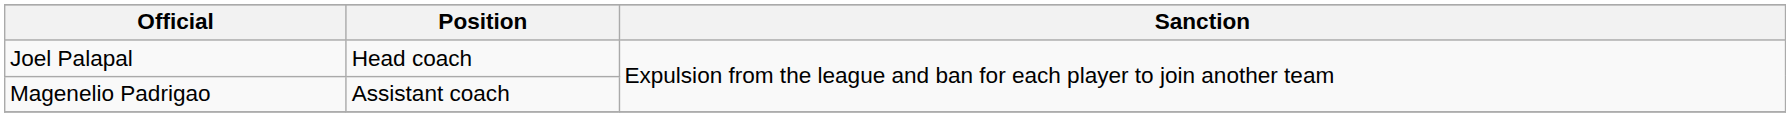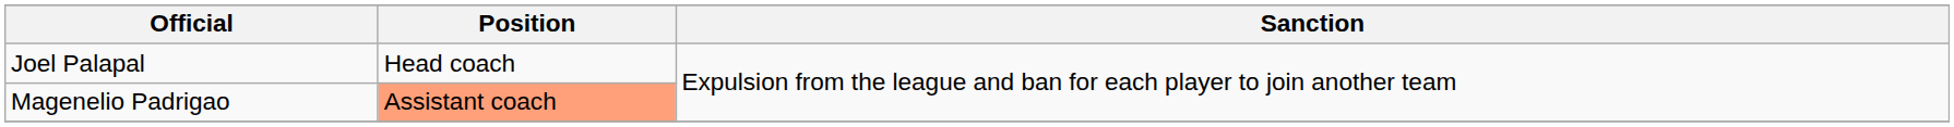 <table class="wikitable sortable" width=100%>
 <tr>
 </tr>
 <tr>
 <th>Official</th>
 <th>Position</th>
 <th>Sanction</th>
 </tr>
 <tr>
 <td>Joel Palapal</td>
 <td>Head coach</td>
 <td rowspan=2>Expulsion from the league and ban for each player to join another team</td>
 </tr>
 <tr>
 <td>Magenelio Padrigao</td>
-<td>Assistant coach</td>
+<td style="background: lightsalmon;">Assistant coach</td>
 </tr>
 <tr>
 </tr>
 </table>
